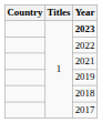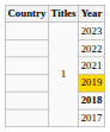 <table class="wikitable sortable" style="font-size: 85%; text-align:center">
 <tr>
 <th>Country</th>
 <th>Titles</th>
 <th>Year</th>
 </tr>
 <tr>
 <td align=left></td>
 <td rowspan=6>1</td>
-<td><strong>2023</strong></td>
+<td>2023</td>
 </tr>
 <tr>
 <td align=left></td>
 <td>2022</td>
 </tr>
 <tr>
 <td align=left></td>
 <td>2021</td>
 </tr>
 <tr>
 <td align=left></td>
-<td>2019</td>
+<td style="background: gold;">2019</td>
 </tr>
 <tr>
 <td align=left></td>
-<td>2018</td>
+<td><strong>2018</strong></td>
 </tr>
 <tr>
 <td align=left></td>
 <td>2017</td>
 </tr>
 </table>
